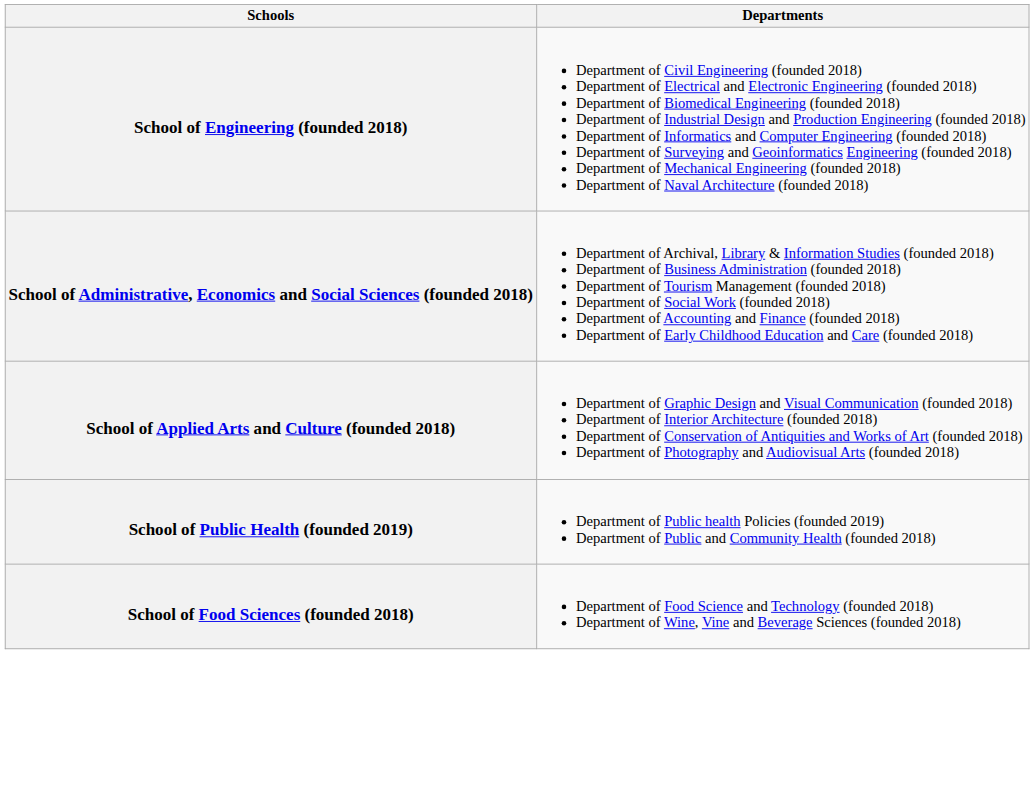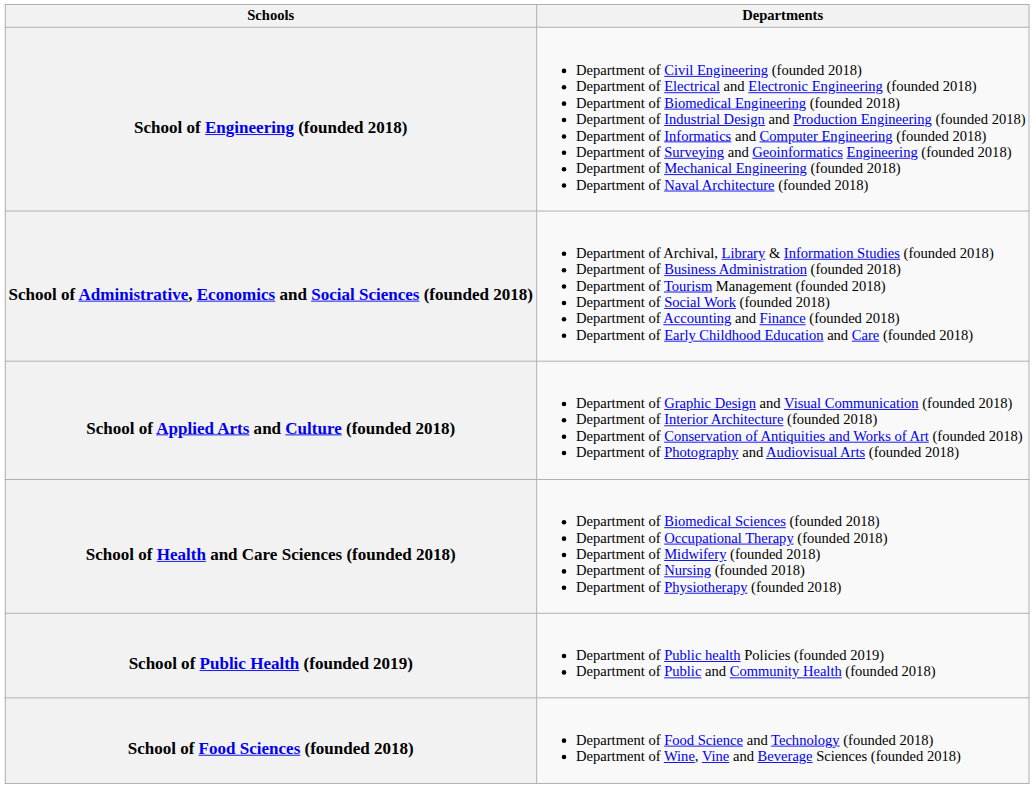 <table class="wikitable" style="margin:1em auto;">
 <tr>
 <th>Schools</th>
 <th>Departments</th>
 </tr>
 <tr>
 <th><br><h3>School of <a href='#'>Engineering</a> (founded 2018)</h3></th>
 <td><br><ul><li>Department of <a href='#'>Civil Engineering</a> (founded 2018)</li><li>Department of <a href='#'>Electrical</a> and <a href='#'>Electronic Engineering</a> (founded 2018)</li><li>Department of <a href='#'>Biomedical Engineering</a> (founded 2018)</li><li>Department of <a href='#'>Industrial Design</a> and <a href='#'>Production Engineering</a> (founded 2018)</li><li>Department of <a href='#'>Informatics</a> and <a href='#'>Computer Engineering</a> (founded 2018)</li><li>Department of <a href='#'>Surveying</a> and <a href='#'>Geoinformatics</a> <a href='#'>Engineering</a> (founded 2018)</li><li>Department of <a href='#'>Mechanical Engineering</a> (founded 2018)</li><li>Department of <a href='#'>Naval Architecture</a> (founded 2018)</li></ul></td>
 </tr>
 <tr>
 <th><br><h3>School of <a href='#'>Administrative</a>, <a href='#'>Economics</a> and <a href='#'>Social Sciences</a> (founded 2018)</h3></th>
 <td><br><ul><li>Department of Archival, <a href='#'>Library</a> & <a href='#'>Information Studies</a> (founded 2018)</li><li>Department of <a href='#'>Business Administration</a> (founded 2018)</li><li>Department of <a href='#'>Tourism</a> Management (founded 2018)</li><li>Department of <a href='#'>Social Work</a> (founded 2018)</li><li>Department of <a href='#'>Accounting</a> and <a href='#'>Finance</a> (founded 2018)</li><li>Department of <a href='#'>Early Childhood Education</a> and <a href='#'>Care</a> (founded 2018)</li></ul></td>
 </tr>
 <tr>
 <th><br><h3>School of <a href='#'>Applied Arts</a> and <a href='#'>Culture</a> (founded 2018)</h3></th>
 <td><br><ul><li>Department of <a href='#'>Graphic Design</a> and <a href='#'>Visual Communication</a> (founded 2018)</li><li>Department of <a href='#'>Interior Architecture</a> (founded 2018)</li><li>Department of <a href='#'>Conservation of Antiquities and Works of Art</a> (founded 2018)</li><li>Department of <a href='#'>Photography</a> and <a href='#'>Audiovisual Arts</a> (founded 2018)</li></ul></td>
 </tr>
 <tr>
+<th><br><h3>School of <a href='#'>Health</a> and Care Sciences (founded 2018)</h3></th>
+<td><br><ul><li>Department of <a href='#'>Biomedical Sciences</a> (founded 2018)</li><li>Department of <a href='#'>Occupational Therapy</a> (founded 2018)</li><li>Department of <a href='#'>Midwifery</a> (founded 2018)</li><li>Department of <a href='#'>Nursing</a> (founded 2018)</li><li>Department of <a href='#'>Physiotherapy</a> (founded 2018)</li></ul></td>
+</tr>
+<tr>
 <th><br><h3>School of <a href='#'>Public Health</a> (founded 2019)</h3></th>
 <td><br><ul><li>Department of <a href='#'>Public health</a> Policies (founded 2019)</li><li>Department of <a href='#'>Public</a> and <a href='#'>Community Health</a> (founded 2018)</li></ul></td>
 </tr>
 <tr>
 <th><br><h3>School of <a href='#'>Food Sciences</a> (founded 2018)</h3></th>
 <td><br><ul><li>Department of <a href='#'>Food Science</a> and <a href='#'>Technology</a> (founded 2018)</li><li>Department of <a href='#'>Wine</a>, <a href='#'>Vine</a> and <a href='#'>Beverage</a> Sciences (founded 2018)</li></ul></td>
 </tr>
 </table>
